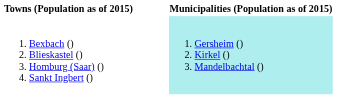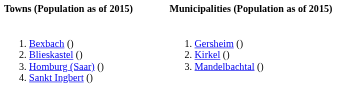 <table>
 <tr>
 <th align=left width=50%>Towns (Population as of 2015)</th>
 <th align=left width=50%>Municipalities (Population as of 2015)</th>
 </tr>
 <tr valign=top>
 <td><br><ol><li><a href='#'>Bexbach</a> ()</li><li><a href='#'>Blieskastel</a> ()</li><li><a href='#'>Homburg (Saar)</a> ()</li><li><a href='#'>Sankt Ingbert</a> ()</li></ol></td>
-<td style="background: paleturquoise;"><br><ol><li><a href='#'>Gersheim</a> ()</li><li><a href='#'>Kirkel</a> ()</li><li><a href='#'>Mandelbachtal</a> ()</li></ol></td>
+<td><br><ol><li><a href='#'>Gersheim</a> ()</li><li><a href='#'>Kirkel</a> ()</li><li><a href='#'>Mandelbachtal</a> ()</li></ol></td>
 </tr>
 </table>
